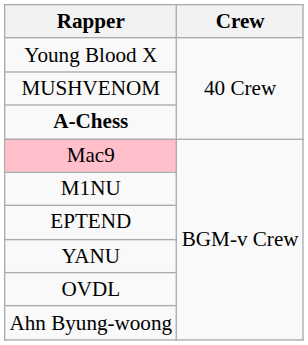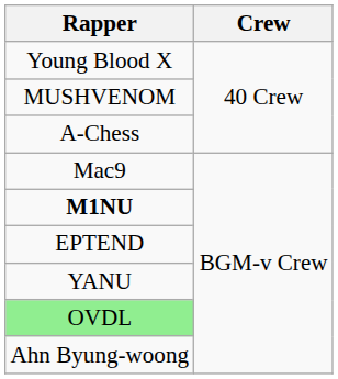 <table class="wikitable" style="text-align:center">
 <tr>
 <th>Rapper</th>
 <th>Crew</th>
 </tr>
 <tr>
 <td>Young Blood X</td>
 <td rowspan="3">40 Crew</td>
 </tr>
 <tr>
 <td>MUSHVENOM</td>
 </tr>
 <tr>
-<td><strong>A-Chess</strong></td>
+<td>A-Chess</td>
 </tr>
 <tr>
-<td style="background: pink;">Mac9</td>
+<td>Mac9</td>
 <td rowspan="6">BGM-v Crew</td>
 </tr>
 <tr>
-<td>M1NU</td>
+<td><strong>M1NU</strong></td>
 </tr>
 <tr>
 <td>EPTEND</td>
 </tr>
 <tr>
 <td>YANU</td>
 </tr>
 <tr>
-<td>OVDL</td>
+<td style="background: lightgreen;">OVDL</td>
 </tr>
 <tr>
 <td>Ahn Byung-woong</td>
 </tr>
 </table>
